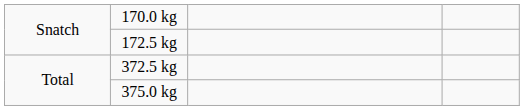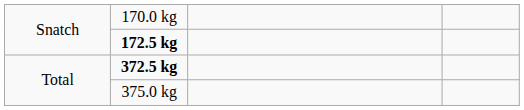 <table class = "wikitable" style="text-align:center;">
 <tr>
 <td width=100 rowspan=2>Snatch</td>
 <td width=70>170.0 kg</td>
 <td width=250 align=left></td>
 <td width=70></td>
 </tr>
 <tr>
-<td>172.5 kg</td>
+<td><strong>172.5 kg</strong></td>
 <td align=left></td>
 <td></td>
 </tr>
 <tr>
 <td rowspan=2>Total</td>
-<td>372.5 kg</td>
+<td><strong>372.5 kg</strong></td>
 <td align=left></td>
 <td></td>
 </tr>
 <tr>
 <td>375.0 kg</td>
 <td align=left></td>
 <td></td>
 </tr>
 </table>
